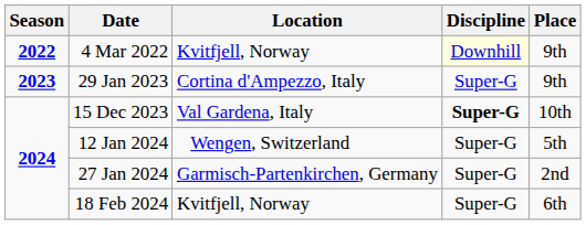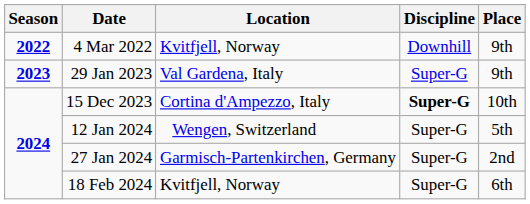 <table class="wikitable" style="text-align:center; font-size:95%;">
 <tr>
 <th>Season</th>
 <th>Date</th>
 <th>Location</th>
 <th>Discipline</th>
 <th>Place</th>
 </tr>
 <tr>
 <td><strong><a href='#'>2022</a></strong></td>
 <td align="right">4 Mar 2022</td>
 <td align=left> <a href='#'>Kvitfjell</a>, Norway</td>
-<td style="background: lightyellow;"><a href='#'>Downhill</a></td>
+<td><a href='#'>Downhill</a></td>
 <td>9th</td>
 </tr>
 <tr>
 <td><strong><a href='#'>2023</a></strong></td>
 <td align="right">29 Jan 2023</td>
-<td align=left> <a href='#'>Cortina d'Ampezzo</a>, Italy</td>
+<td align=left> <a href='#'>Val Gardena</a>, Italy</td>
 <td><a href='#'>Super-G</a></td>
 <td>9th</td>
 </tr>
 <tr>
 <td rowspan="4"><strong><a href='#'>2024</a></strong></td>
 <td align="right">15 Dec 2023</td>
-<td align=left> <a href='#'>Val Gardena</a>, Italy</td>
+<td align=left> <a href='#'>Cortina d'Ampezzo</a>, Italy</td>
 <td><strong>Super-G</strong></td>
 <td>10th</td>
 </tr>
 <tr>
 <td align="right">12 Jan 2024</td>
 <td align=left>   <a href='#'>Wengen</a>, Switzerland</td>
 <td>Super-G</td>
 <td>5th</td>
 </tr>
 <tr>
 <td align="right">27 Jan 2024</td>
 <td align=left> <a href='#'>Garmisch-Partenkirchen</a>, Germany</td>
 <td>Super-G</td>
 <td>2nd</td>
 </tr>
 <tr>
 <td align="right">18 Feb 2024</td>
 <td align=left> Kvitfjell, Norway</td>
 <td>Super-G</td>
 <td>6th</td>
 </tr>
 </table>
